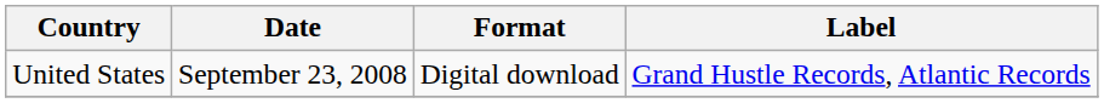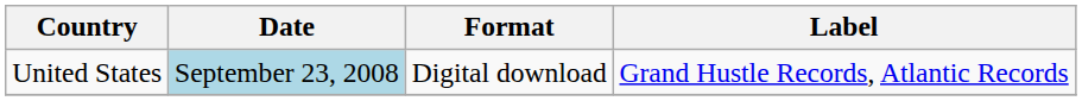 <table class="wikitable plainrowheaders">
 <tr>
 <th scope="col">Country</th>
 <th>Date</th>
 <th>Format</th>
 <th>Label</th>
 </tr>
 <tr>
 <td rowspan="1">United States</td>
-<td rowspan="1">September 23, 2008</td>
+<td rowspan="1" style="background: lightblue;">September 23, 2008</td>
 <td>Digital download</td>
 <td rowspan="1"><a href='#'>Grand Hustle Records</a>, <a href='#'>Atlantic Records</a></td>
 </tr>
 <tr>
 </tr>
 </table>
